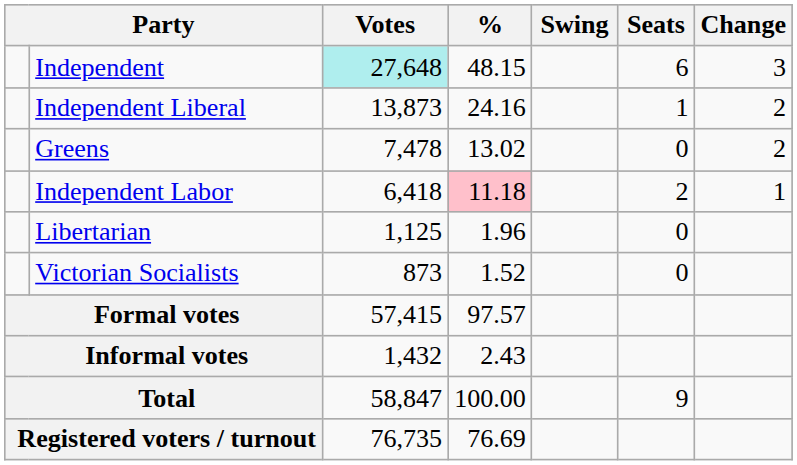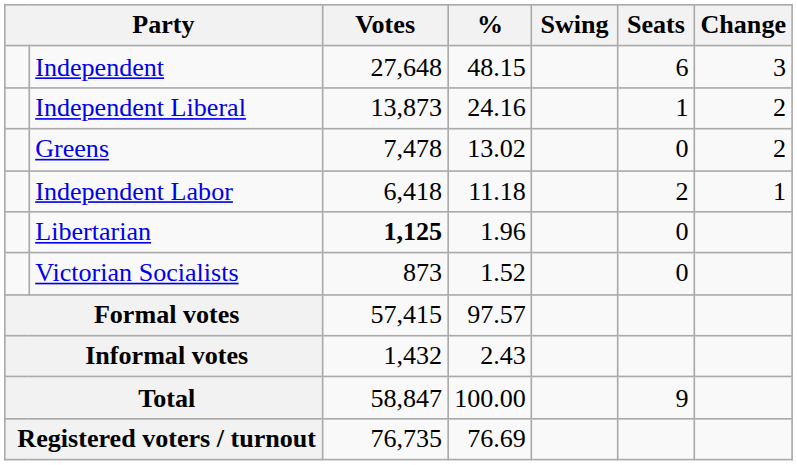 <table class="wikitable" style="text-align:right; margin-bottom:0">
 <tr>
 <th colspan="3" style="width:10px">Party</th>
 <th style="width:70px;">Votes</th>
 <th style="width:40px;">%</th>
 <th style="width:40px;">Swing</th>
 <th style="width:40px;">Seats</th>
 <th style="width:40px;">Change</th>
 </tr>
 <tr>
 <td> </td>
 <td colspan="2" style="text-align:left;"><a href='#'>Independent</a></td>
-<td style="background: paleturquoise; width:70px;">27,648</td>
+<td style="width:70px;">27,648</td>
 <td style="width:40px;">48.15</td>
 <td style="width:45px;"></td>
 <td style="width:40px;">6</td>
 <td style="width:40px;"> 3</td>
 </tr>
 <tr>
 <td> </td>
 <td colspan="2" style="text-align:left;"><a href='#'>Independent Liberal</a></td>
 <td>13,873</td>
 <td>24.16</td>
 <td></td>
 <td>1</td>
 <td> 2</td>
 </tr>
 <tr>
 <td> </td>
 <td colspan="2" style="text-align:left;"><a href='#'>Greens</a></td>
 <td>7,478</td>
 <td>13.02</td>
 <td></td>
 <td>0</td>
 <td> 2</td>
 </tr>
 <tr>
 <td> </td>
 <td colspan="2" style="text-align:left;"><a href='#'>Independent Labor</a></td>
 <td>6,418</td>
-<td style="background: pink;">11.18</td>
+<td>11.18</td>
 <td></td>
 <td>2</td>
 <td> 1</td>
 </tr>
 <tr>
 <td> </td>
 <td colspan="2" style="text-align:left;"><a href='#'>Libertarian</a></td>
-<td>1,125</td>
+<td><strong>1,125</strong></td>
 <td>1.96</td>
 <td></td>
 <td>0</td>
 <td></td>
 </tr>
 <tr>
 <td> </td>
 <td colspan="2" style="text-align:left;"><a href='#'>Victorian Socialists</a></td>
 <td>873</td>
 <td>1.52</td>
 <td></td>
 <td>0</td>
 <td></td>
 </tr>
 <tr>
 <th colspan="3" rowspan="1"> Formal votes</th>
 <td>57,415</td>
 <td>97.57</td>
 <td></td>
 <td></td>
 <td></td>
 </tr>
 <tr>
 <th colspan="3" rowspan="1"> Informal votes</th>
 <td>1,432</td>
 <td>2.43</td>
 <td></td>
 <td></td>
 <td></td>
 </tr>
 <tr>
 <th colspan="3" rowspan="1"> Total</th>
 <td>58,847</td>
 <td>100.00</td>
 <td></td>
 <td>9</td>
 <td></td>
 </tr>
 <tr>
 <th colspan="3" rowspan="1"> Registered voters / turnout</th>
 <td>76,735</td>
 <td>76.69</td>
 <td></td>
 <td></td>
 <td></td>
 </tr>
 </table>
